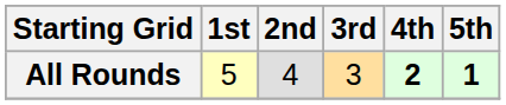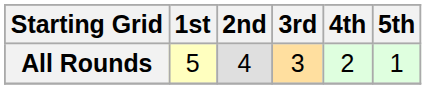 <table class="wikitable" style="font-size:85%; text-align:center;">
 <tr>
 <th>Starting Grid</th>
 <th>1st</th>
 <th>2nd</th>
 <th>3rd</th>
 <th>4th</th>
 <th>5th</th>
 </tr>
 <tr>
 <th>All Rounds</th>
 <td style="background:#ffffbf;">5</td>
 <td style="background:#dfdfdf;">4</td>
 <td style="background:#ffdf9f;">3</td>
-<td style="background:#dfffdf;"><strong>2</strong></td>
-<td style="background:#dfffdf;"><strong>1</strong></td>
+<td style="background:#dfffdf;">2</td>
+<td style="background:#dfffdf;">1</td>
 </tr>
 <tr>
 </tr>
 </table>
